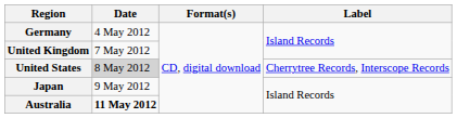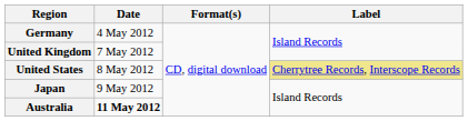 <table class="wikitable plainrowheaders">
 <tr>
 <th scope="col">Region</th>
 <th scope="col">Date</th>
 <th scope="col">Format(s)</th>
 <th scope="col">Label</th>
 </tr>
 <tr>
 <th scope="row">Germany</th>
 <td>4 May 2012</td>
 <td rowspan="5"><a href='#'>CD</a>, <a href='#'>digital download</a></td>
 <td rowspan="2"><a href='#'>Island Records</a></td>
 </tr>
 <tr>
 <th scope="row">United Kingdom</th>
 <td>7 May 2012</td>
 </tr>
 <tr>
 <th scope="row">United States</th>
-<td style="background: lightgrey;">8 May 2012</td>
-<td><a href='#'>Cherrytree Records</a>, <a href='#'>Interscope Records</a></td>
+<td>8 May 2012</td>
+<td style="background: khaki;"><a href='#'>Cherrytree Records</a>, <a href='#'>Interscope Records</a></td>
 </tr>
 <tr>
 <th scope="row">Japan</th>
 <td>9 May 2012</td>
 <td rowspan="2">Island Records</td>
 </tr>
 <tr>
 <th scope="row">Australia</th>
 <td><strong>11 May 2012</strong></td>
 </tr>
 </table>
